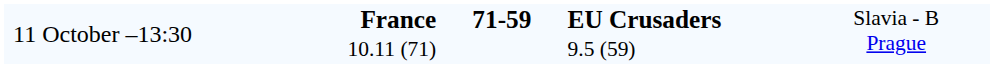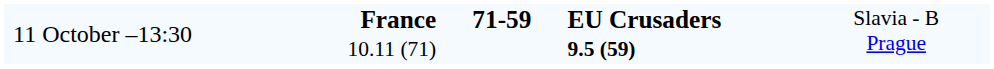 <table style="width: 100%; background:#F5FAFF;" cellspacing="0">
 <tr>
 <td style=font-size:95% align=center rowspan=3 width=20%>11 October –13:30</td>
 </tr>
 <tr>
 <td width=24% align=right><strong>France</strong> </td>
 <td align=center width=13%><strong>71-59</strong></td>
 <td width=24%> <strong>EU Crusaders</strong></td>
 <td style=font-size:85% rowspan=3 valign=top align=center>Slavia - B <br><a href='#'>Prague</a></td>
 </tr>
 <tr style=font-size:85%>
 <td align=right>10.11 (71)</td>
 <td align=center></td>
-<td>9.5 (59)</td>
+<td><strong>9.5 (59)</strong></td>
 </tr>
 </table>
